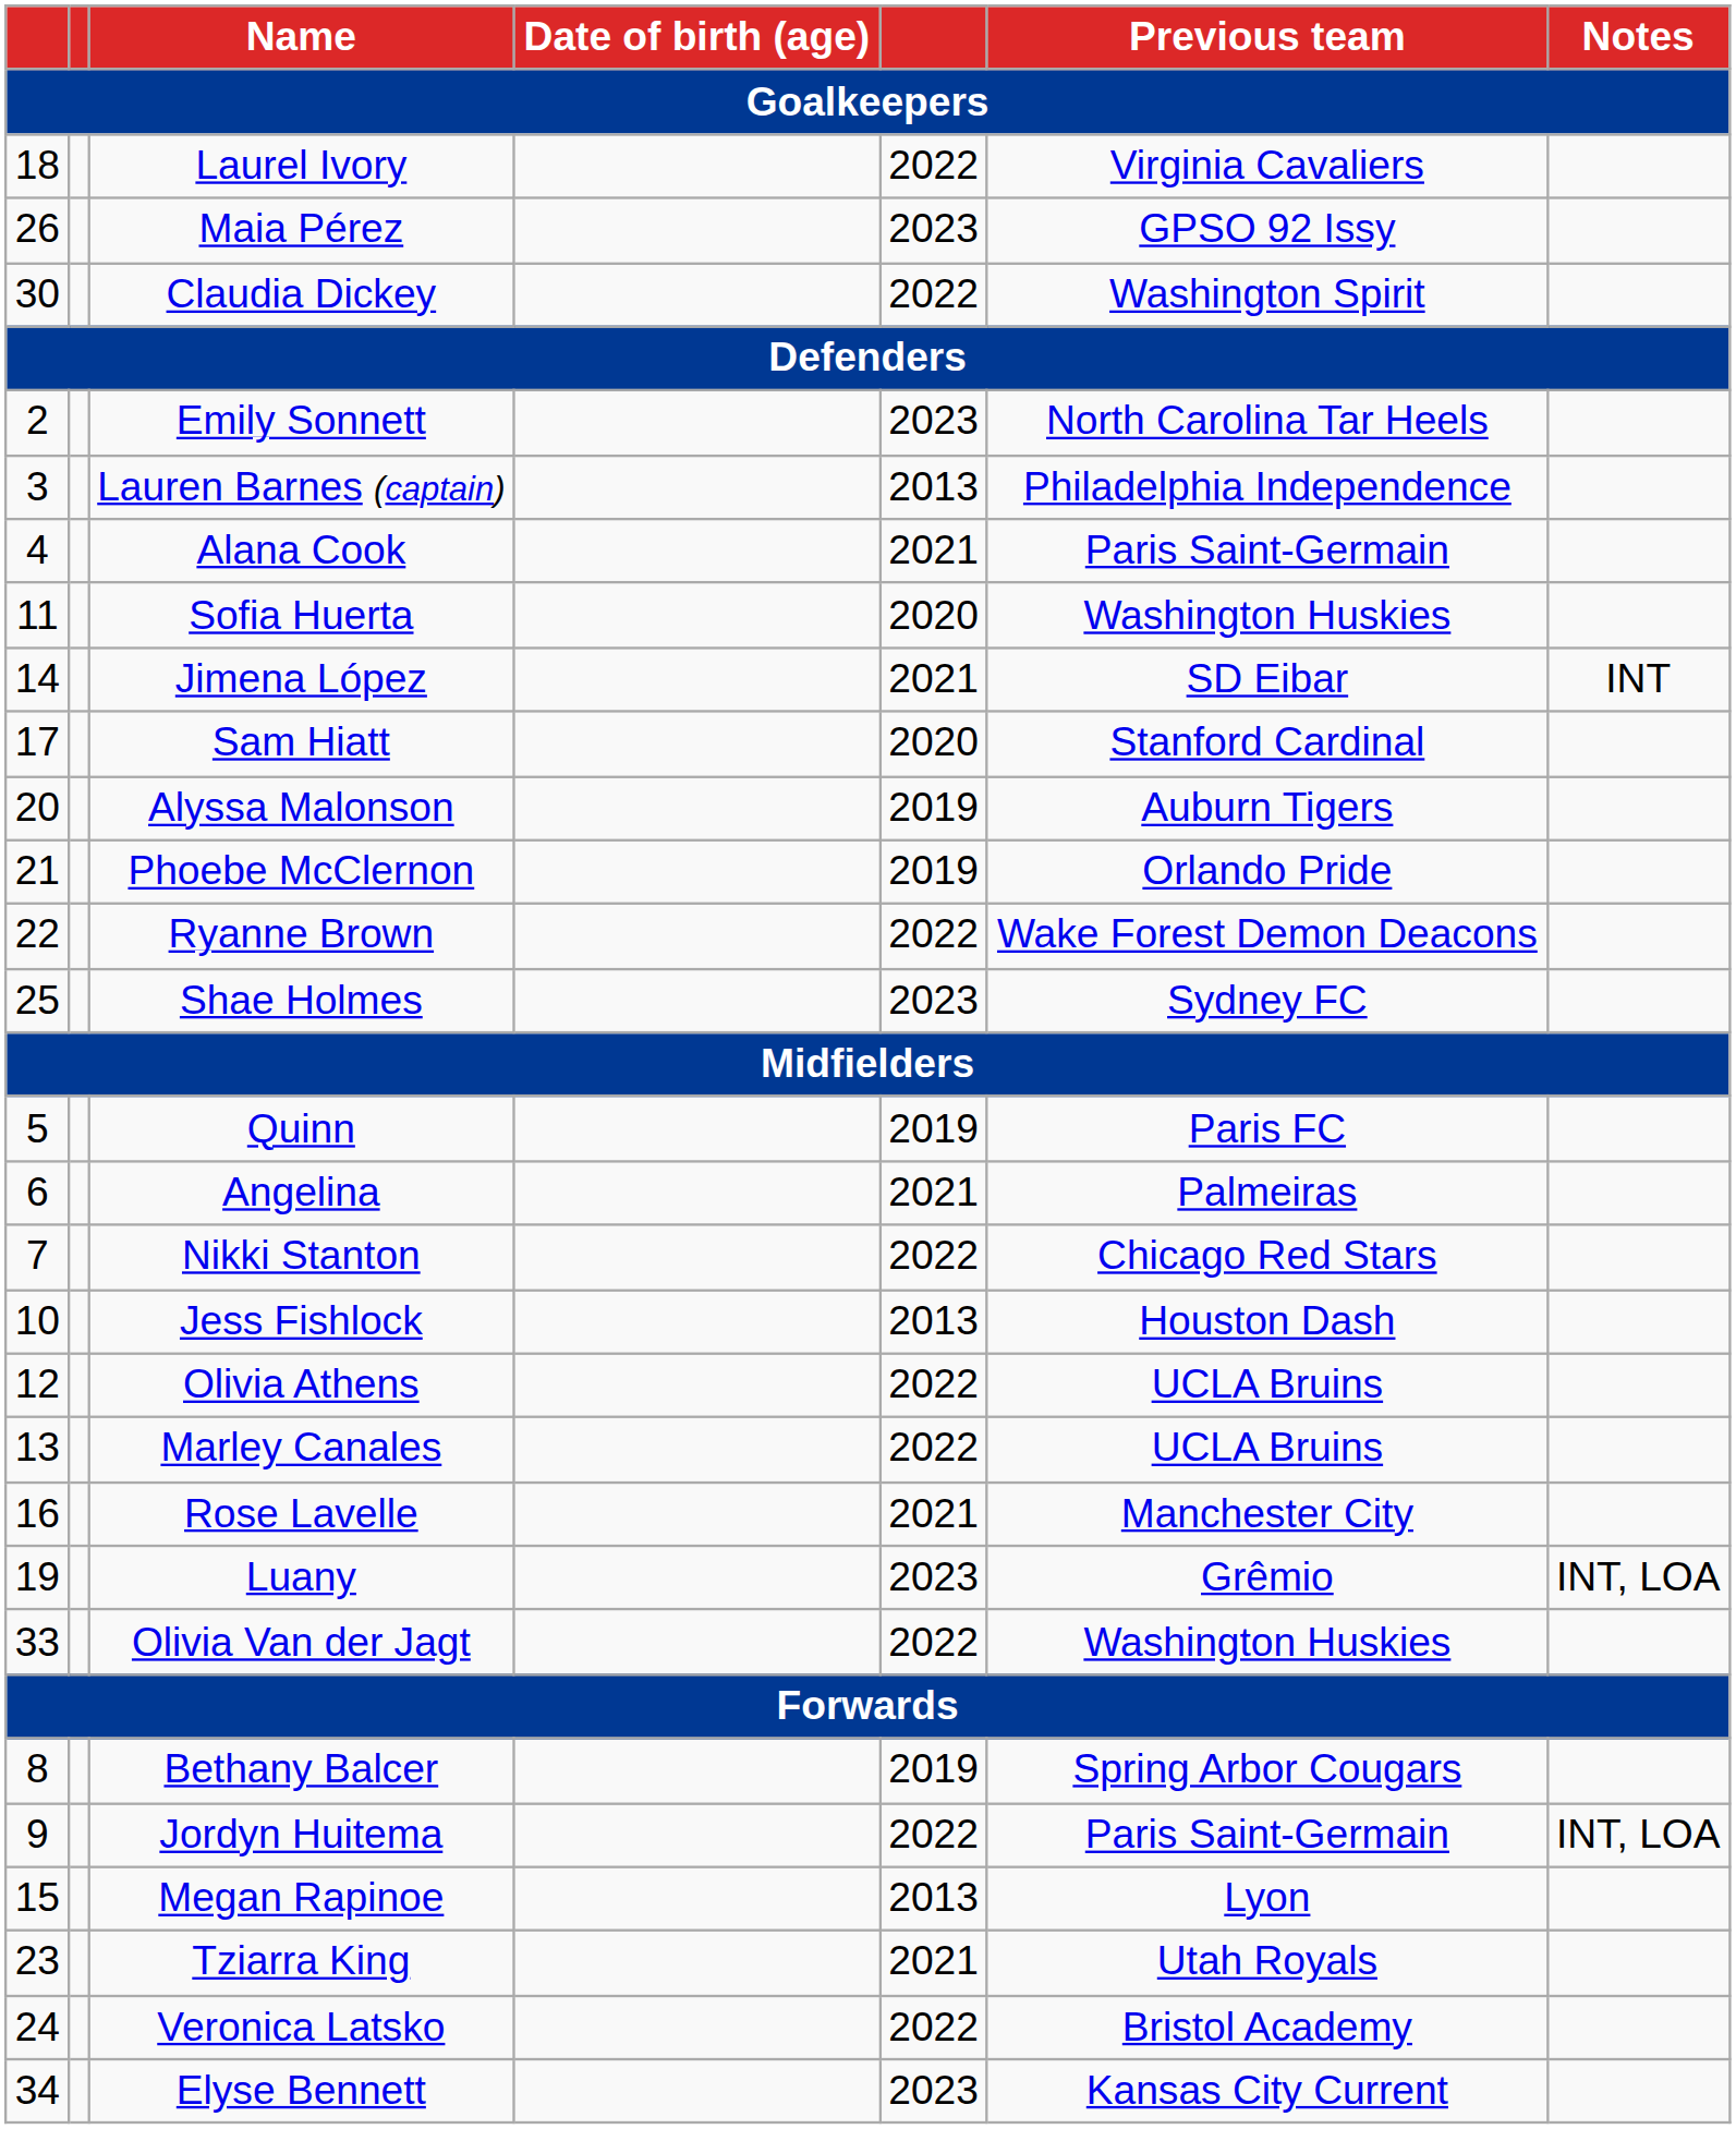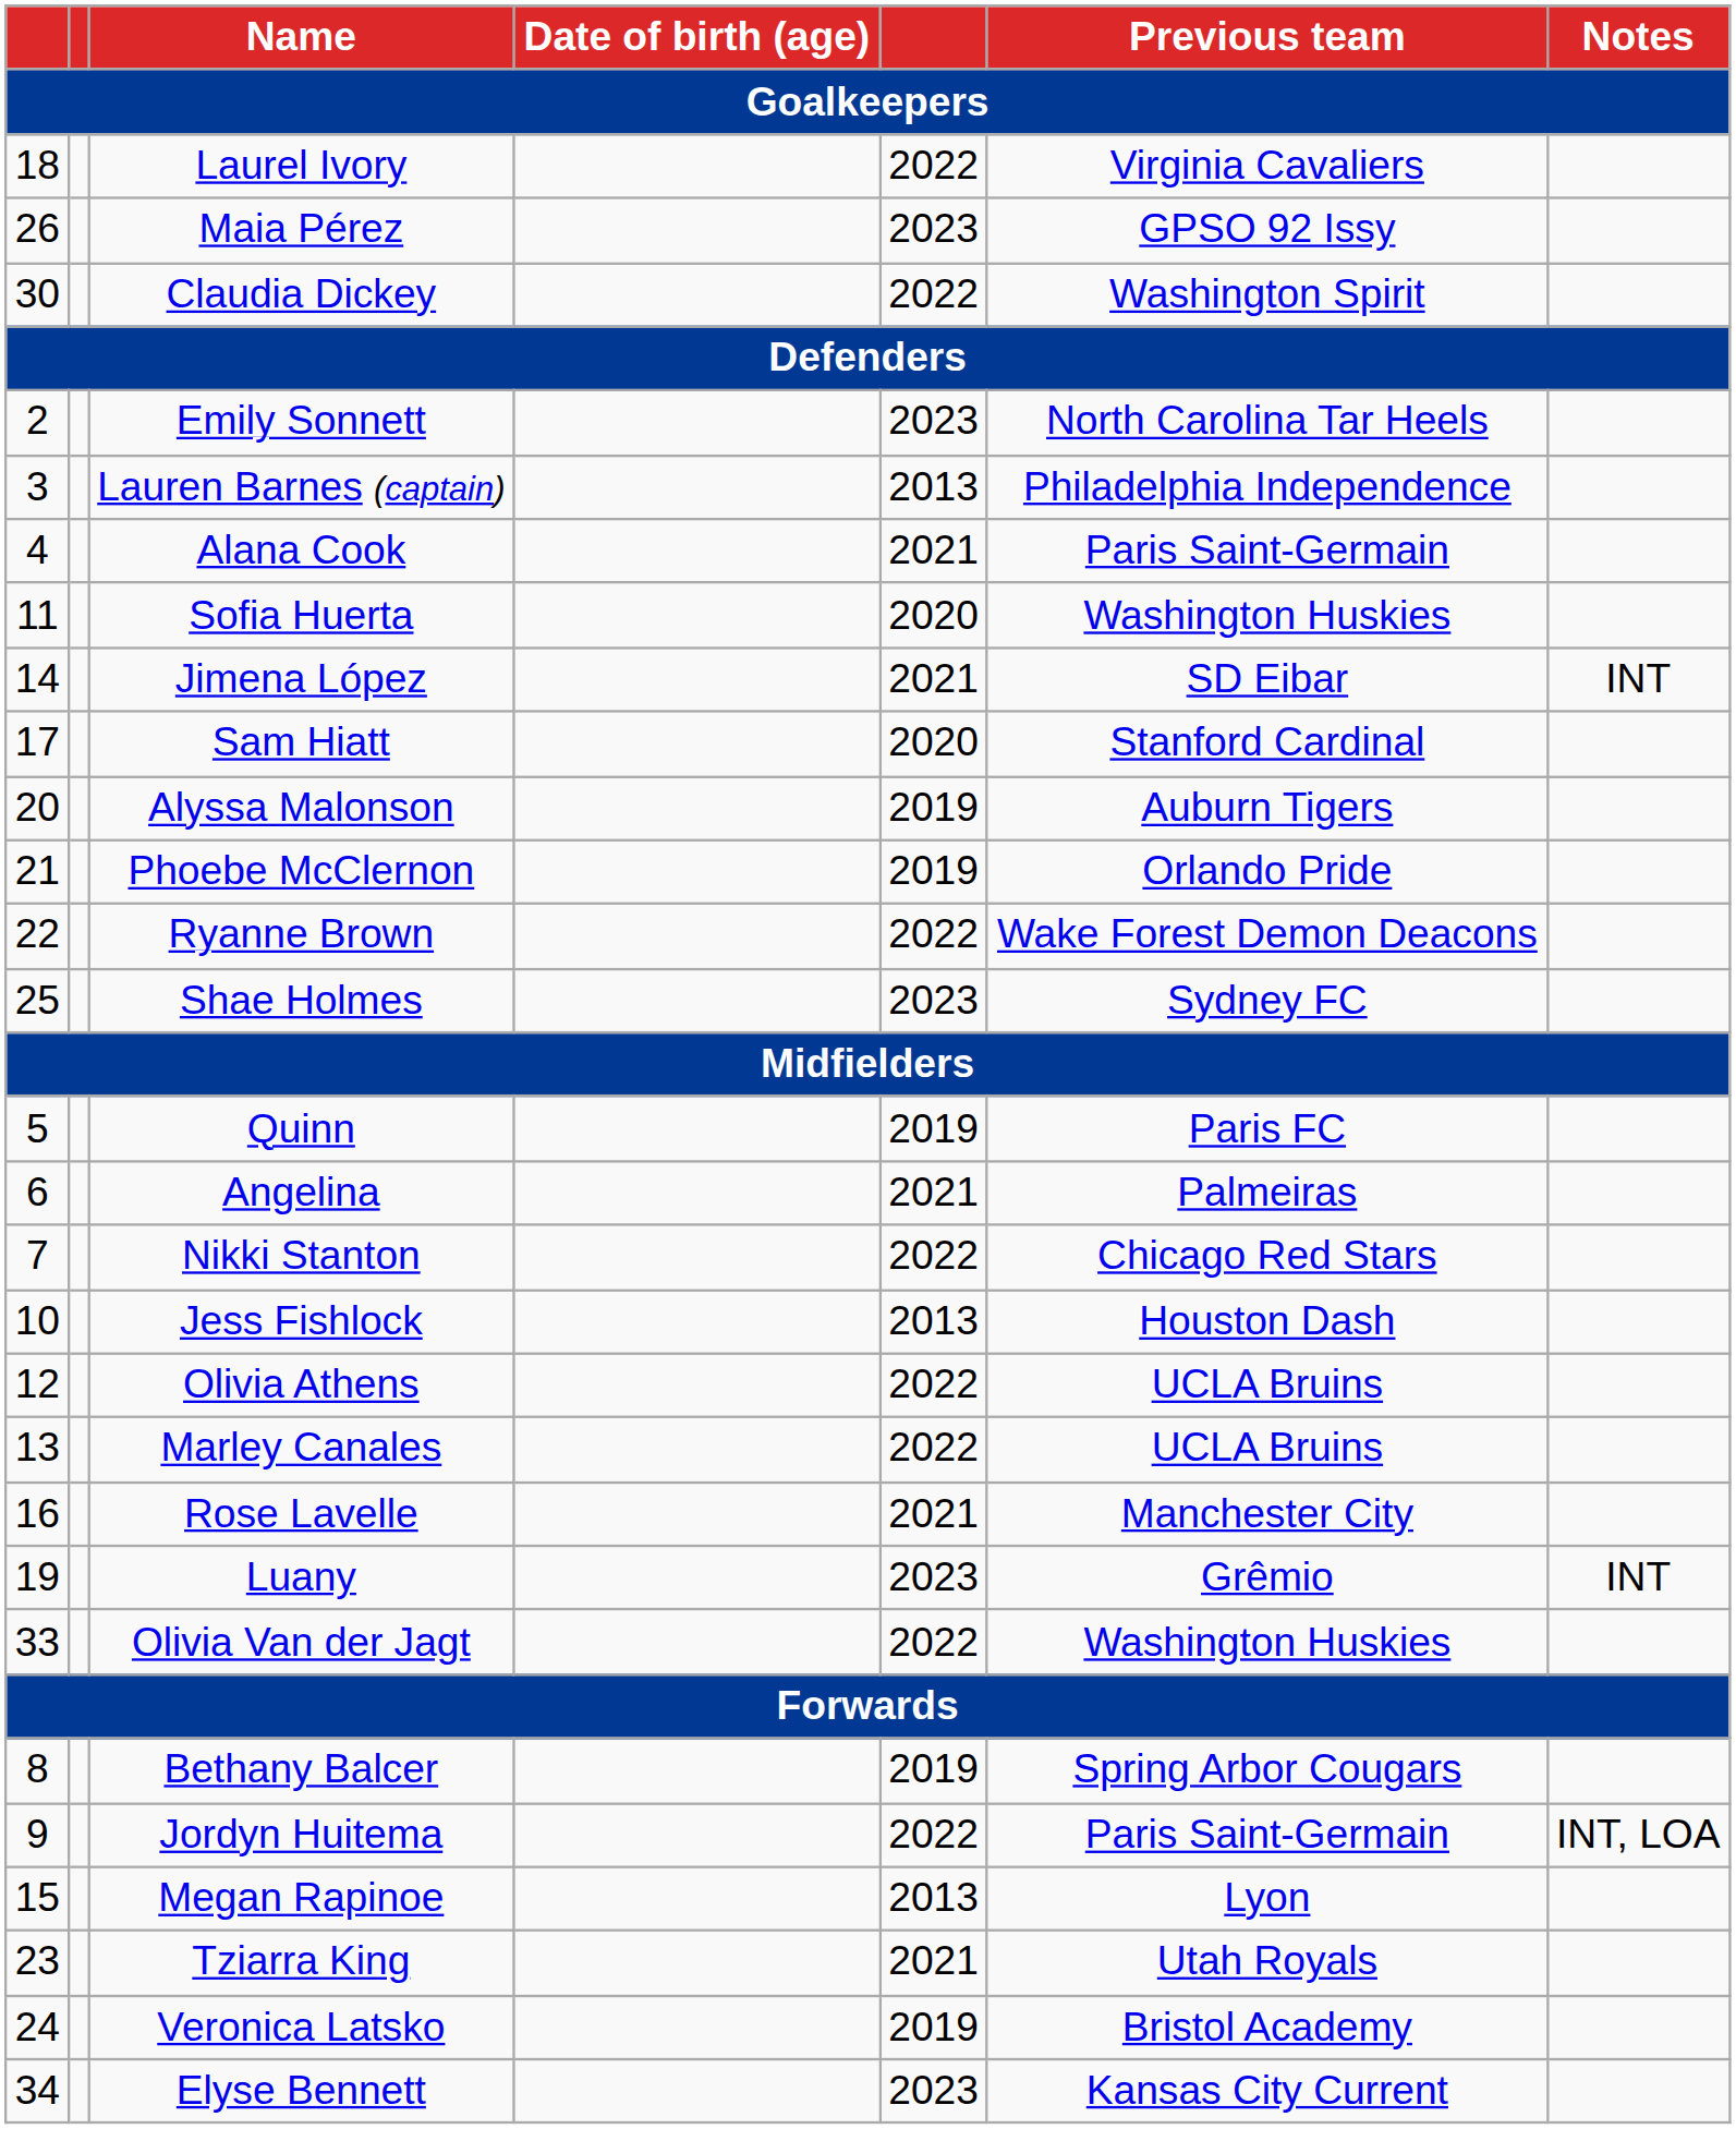 <table class="wikitable" style="text-align:center;">
 <tr>
 <th style="background:#DC2828; color:white;"></th>
 <th style="background:#DC2828; color:white;"></th>
 <th style="background:#DC2828; color:white;">Name</th>
 <th style="background:#DC2828; color:white;">Date of birth (age)</th>
 <th style="background:#DC2828; color:white;"></th>
 <th style="background:#DC2828; color:white;">Previous team</th>
 <th style="background:#DC2828; color:white;">Notes</th>
 </tr>
 <tr>
 <th colspan="7" style="background:#003893; color:white; ">Goalkeepers</th>
 </tr>
 <tr>
 <td>18</td>
 <td></td>
 <td><a href='#'>Laurel Ivory</a></td>
 <td></td>
 <td>2022</td>
 <td> <a href='#'>Virginia Cavaliers</a></td>
 <td></td>
 </tr>
 <tr>
 <td>26</td>
 <td></td>
 <td><a href='#'>Maia Pérez</a></td>
 <td></td>
 <td>2023</td>
 <td> <a href='#'>GPSO 92 Issy</a></td>
 <td></td>
 </tr>
 <tr>
 <td>30</td>
 <td></td>
 <td><a href='#'>Claudia Dickey</a></td>
 <td></td>
 <td>2022</td>
 <td> <a href='#'>Washington Spirit</a></td>
 <td></td>
 </tr>
 <tr>
 <th colspan="7" style="background:#003893; color:white; ">Defenders</th>
 </tr>
 <tr>
 <td>2</td>
 <td></td>
 <td><a href='#'>Emily Sonnett</a></td>
 <td></td>
 <td>2023</td>
 <td> <a href='#'>North Carolina Tar Heels</a></td>
 <td></td>
 </tr>
 <tr>
 <td>3</td>
 <td></td>
 <td><a href='#'>Lauren Barnes</a> <em><small>(<a href='#'>captain</a>)</small></em></td>
 <td></td>
 <td>2013</td>
 <td> <a href='#'>Philadelphia Independence</a></td>
 <td></td>
 </tr>
 <tr>
 <td>4</td>
 <td></td>
 <td><a href='#'>Alana Cook</a></td>
 <td></td>
 <td>2021</td>
 <td> <a href='#'>Paris Saint-Germain</a></td>
 <td></td>
 </tr>
 <tr>
 <td>11</td>
 <td></td>
 <td><a href='#'>Sofia Huerta</a></td>
 <td></td>
 <td>2020</td>
 <td> <a href='#'>Washington Huskies</a></td>
 <td></td>
 </tr>
 <tr>
 <td>14</td>
 <td></td>
 <td><a href='#'>Jimena López</a></td>
 <td></td>
 <td>2021</td>
 <td> <a href='#'>SD Eibar</a></td>
 <td>INT</td>
 </tr>
 <tr>
 <td>17</td>
 <td></td>
 <td><a href='#'>Sam Hiatt</a></td>
 <td></td>
 <td>2020</td>
 <td> <a href='#'>Stanford Cardinal</a></td>
 <td></td>
 </tr>
 <tr>
 <td>20</td>
 <td></td>
 <td><a href='#'>Alyssa Malonson</a></td>
 <td></td>
 <td>2019</td>
 <td> <a href='#'>Auburn Tigers</a></td>
 <td></td>
 </tr>
 <tr>
 <td>21</td>
 <td></td>
 <td><a href='#'>Phoebe McClernon</a></td>
 <td></td>
 <td>2019</td>
 <td> <a href='#'>Orlando Pride</a></td>
 <td></td>
 </tr>
 <tr>
 <td>22</td>
 <td></td>
 <td><a href='#'>Ryanne Brown</a></td>
 <td></td>
 <td>2022</td>
 <td> <a href='#'>Wake Forest Demon Deacons</a></td>
 <td></td>
 </tr>
 <tr>
 <td>25</td>
 <td></td>
 <td><a href='#'>Shae Holmes</a></td>
 <td></td>
 <td>2023</td>
 <td> <a href='#'>Sydney FC</a></td>
 <td></td>
 </tr>
 <tr>
 <th colspan="7" style="background:#003893; color:white; ">Midfielders</th>
 </tr>
 <tr>
 <td>5</td>
 <td></td>
 <td><a href='#'>Quinn</a></td>
 <td></td>
 <td>2019</td>
 <td> <a href='#'>Paris FC</a></td>
 <td></td>
 </tr>
 <tr>
 <td>6</td>
 <td></td>
 <td><a href='#'>Angelina</a></td>
 <td></td>
 <td>2021</td>
 <td> <a href='#'>Palmeiras</a></td>
 <td></td>
 </tr>
 <tr>
 <td>7</td>
 <td></td>
 <td><a href='#'>Nikki Stanton</a></td>
 <td></td>
 <td>2022</td>
 <td> <a href='#'>Chicago Red Stars</a></td>
 <td></td>
 </tr>
 <tr>
 <td>10</td>
 <td></td>
 <td><a href='#'>Jess Fishlock</a></td>
 <td></td>
 <td>2013</td>
 <td> <a href='#'>Houston Dash</a></td>
 <td></td>
 </tr>
 <tr>
 <td>12</td>
 <td></td>
 <td><a href='#'>Olivia Athens</a></td>
 <td></td>
 <td>2022</td>
 <td> <a href='#'>UCLA Bruins</a></td>
 <td></td>
 </tr>
 <tr>
 <td>13</td>
 <td></td>
 <td><a href='#'>Marley Canales</a></td>
 <td></td>
 <td>2022</td>
 <td> <a href='#'>UCLA Bruins</a></td>
 <td></td>
 </tr>
 <tr>
 <td>16</td>
 <td></td>
 <td><a href='#'>Rose Lavelle</a></td>
 <td></td>
 <td>2021</td>
 <td> <a href='#'>Manchester City</a></td>
 <td></td>
 </tr>
 <tr>
 <td>19</td>
 <td></td>
 <td><a href='#'>Luany</a></td>
 <td></td>
 <td>2023</td>
 <td> <a href='#'>Grêmio</a></td>
-<td>INT, LOA</td>
+<td>INT</td>
 </tr>
 <tr>
 <td>33</td>
 <td></td>
 <td><a href='#'>Olivia Van der Jagt</a></td>
 <td></td>
 <td>2022</td>
 <td> <a href='#'>Washington Huskies</a></td>
 <td></td>
 </tr>
 <tr>
 <th colspan="7" style="background:#003893; color:white; ">Forwards</th>
 </tr>
 <tr>
 <td>8</td>
 <td></td>
 <td><a href='#'>Bethany Balcer</a></td>
 <td></td>
 <td>2019</td>
 <td> <a href='#'>Spring Arbor Cougars</a></td>
 <td></td>
 </tr>
 <tr>
 <td>9</td>
 <td></td>
 <td><a href='#'>Jordyn Huitema</a></td>
 <td></td>
 <td>2022</td>
 <td> <a href='#'>Paris Saint-Germain</a></td>
 <td>INT, LOA</td>
 </tr>
 <tr>
 <td>15</td>
 <td></td>
 <td><a href='#'>Megan Rapinoe</a></td>
 <td></td>
 <td>2013</td>
 <td> <a href='#'>Lyon</a></td>
 <td></td>
 </tr>
 <tr>
 <td>23</td>
 <td></td>
 <td><a href='#'>Tziarra King</a></td>
 <td></td>
 <td>2021</td>
 <td> <a href='#'>Utah Royals</a></td>
 <td></td>
 </tr>
 <tr>
 <td>24</td>
 <td></td>
 <td><a href='#'>Veronica Latsko</a></td>
 <td></td>
-<td>2022</td>
+<td>2019</td>
 <td> <a href='#'>Bristol Academy</a></td>
 <td></td>
 </tr>
 <tr>
 <td>34</td>
 <td></td>
 <td><a href='#'>Elyse Bennett</a></td>
 <td></td>
 <td>2023</td>
 <td> <a href='#'>Kansas City Current</a></td>
 <td></td>
 </tr>
 </table>
